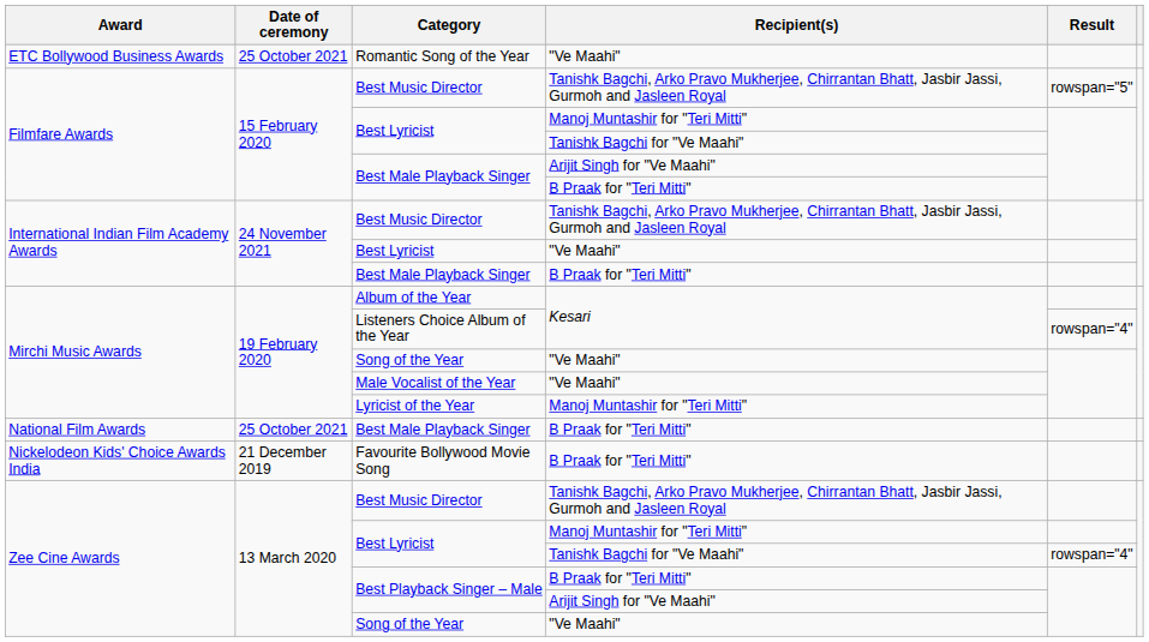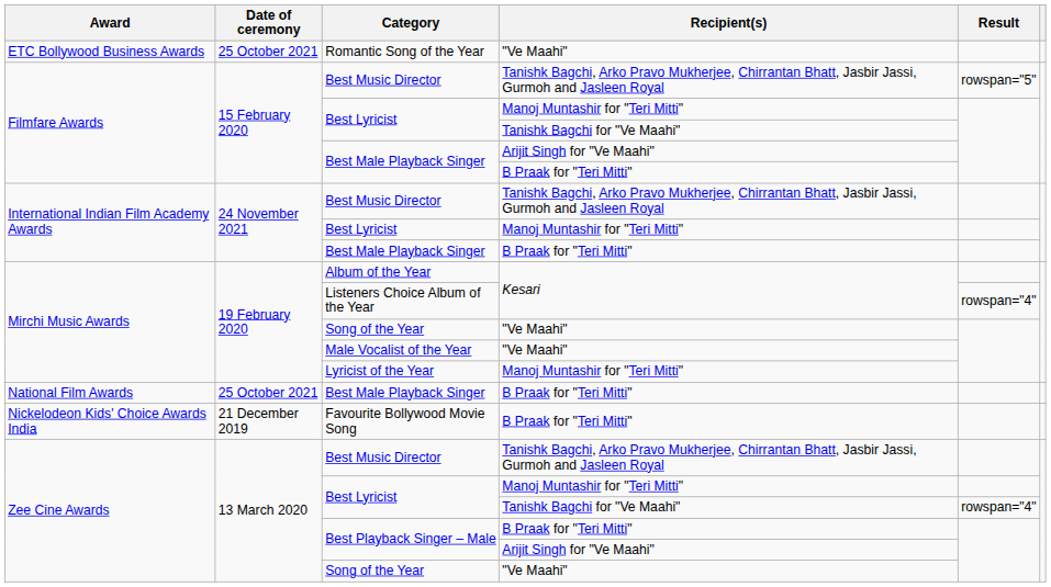 <table class="wikitable sortable">
 <tr style="background:#ccc; text-align:center;">
 <th>Award</th>
 <th>Date of ceremony</th>
 <th>Category</th>
 <th>Recipient(s)</th>
 <th>Result</th>
 <th class="unsortable"></th>
 </tr>
 <tr>
 <td><a href='#'>ETC Bollywood Business Awards</a></td>
 <td><a href='#'>25 October 2021</a></td>
 <td>Romantic Song of the Year</td>
 <td>"Ve Maahi"</td>
 <td></td>
 <td></td>
 </tr>
 <tr>
 <td rowspan="5"><a href='#'>Filmfare Awards</a></td>
 <td rowspan="5"><a href='#'>15 February 2020</a></td>
 <td><a href='#'>Best Music Director</a></td>
 <td><a href='#'>Tanishk Bagchi</a>, <a href='#'>Arko Pravo Mukherjee</a>, <a href='#'>Chirrantan Bhatt</a>, Jasbir Jassi, Gurmoh and <a href='#'>Jasleen Royal</a></td>
 <td>rowspan="5" </td>
 <td rowspan="5"><br></td>
 </tr>
 <tr>
 <td rowspan="2"><a href='#'>Best Lyricist</a></td>
 <td><a href='#'>Manoj Muntashir</a> for "<a href='#'>Teri Mitti</a>"</td>
 </tr>
 <tr>
 <td><a href='#'>Tanishk Bagchi</a> for "Ve Maahi"</td>
 </tr>
 <tr>
 <td rowspan="2"><a href='#'>Best Male Playback Singer</a></td>
 <td><a href='#'>Arijit Singh</a> for "Ve Maahi"</td>
 </tr>
 <tr>
 <td><a href='#'>B Praak</a> for "<a href='#'>Teri Mitti</a>"</td>
 </tr>
 <tr>
 <td rowspan="3"><a href='#'>International Indian Film Academy Awards</a></td>
 <td rowspan="3"><a href='#'>24 November 2021</a></td>
 <td><a href='#'>Best Music Director</a></td>
 <td><a href='#'>Tanishk Bagchi</a>, <a href='#'>Arko Pravo Mukherjee</a>, <a href='#'>Chirrantan Bhatt</a>, Jasbir Jassi, Gurmoh and <a href='#'>Jasleen Royal</a></td>
 <td></td>
 <td rowspan="3"><br></td>
 </tr>
 <tr>
 <td><a href='#'>Best Lyricist</a></td>
-<td>"Ve Maahi"</td>
+<td><a href='#'>Manoj Muntashir</a> for "<a href='#'>Teri Mitti</a>"</td>
 <td></td>
 </tr>
 <tr>
 <td><a href='#'>Best Male Playback Singer</a></td>
 <td><a href='#'>B Praak</a> for "<a href='#'>Teri Mitti</a>"</td>
 <td></td>
 </tr>
 <tr>
 <td rowspan="5"><a href='#'>Mirchi Music Awards</a></td>
 <td rowspan="5"><a href='#'>19 February 2020</a></td>
 <td><a href='#'>Album of the Year</a></td>
 <td rowspan="2"><em>Kesari</em></td>
 <td></td>
 <td rowspan="5"><br></td>
 </tr>
 <tr>
 <td>Listeners Choice Album of the Year</td>
 <td>rowspan="4" </td>
 </tr>
 <tr>
 <td><a href='#'>Song of the Year</a></td>
 <td>"Ve Maahi"</td>
 </tr>
 <tr>
 <td><a href='#'>Male Vocalist of the Year</a></td>
 <td>"Ve Maahi"</td>
 </tr>
 <tr>
 <td><a href='#'>Lyricist of the Year</a></td>
 <td><a href='#'>Manoj Muntashir</a> for "<a href='#'>Teri Mitti</a>"</td>
 </tr>
 <tr>
 <td><a href='#'>National Film Awards</a></td>
 <td><a href='#'>25 October 2021</a></td>
 <td><a href='#'>Best Male Playback Singer</a></td>
 <td><a href='#'>B Praak</a> for "<a href='#'>Teri Mitti</a>"</td>
 <td></td>
 <td></td>
 </tr>
 <tr>
 <td><a href='#'>Nickelodeon Kids' Choice Awards India</a></td>
 <td>21 December 2019</td>
 <td>Favourite Bollywood Movie Song</td>
 <td><a href='#'>B Praak</a> for "<a href='#'>Teri Mitti</a>"</td>
 <td></td>
 <td></td>
 </tr>
 <tr>
 <td rowspan="6"><a href='#'>Zee Cine Awards</a></td>
 <td rowspan="6">13 March 2020</td>
 <td><a href='#'>Best Music Director</a></td>
 <td><a href='#'>Tanishk Bagchi</a>, <a href='#'>Arko Pravo Mukherjee</a>, <a href='#'>Chirrantan Bhatt</a>, Jasbir Jassi, Gurmoh and <a href='#'>Jasleen Royal</a></td>
 <td></td>
 <td rowspan="6"><br></td>
 </tr>
 <tr>
 <td rowspan="2"><a href='#'>Best Lyricist</a></td>
 <td><a href='#'>Manoj Muntashir</a> for "<a href='#'>Teri Mitti</a>"</td>
 <td></td>
 </tr>
 <tr>
 <td><a href='#'>Tanishk Bagchi</a> for "Ve Maahi"</td>
 <td>rowspan="4" </td>
 </tr>
 <tr>
 <td rowspan="2"><a href='#'>Best Playback Singer – Male</a></td>
 <td><a href='#'>B Praak</a> for "<a href='#'>Teri Mitti</a>"</td>
 </tr>
 <tr>
 <td><a href='#'>Arijit Singh</a> for "Ve Maahi"</td>
 </tr>
 <tr>
 <td><a href='#'>Song of the Year</a></td>
 <td>"Ve Maahi"</td>
 </tr>
 </table>
